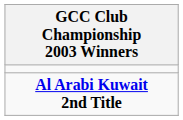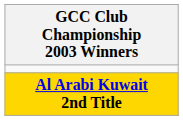 <table class="wikitable" style="text-align: center; margin: 0 auto; width: 20%">
 <tr>
 <th>GCC Club Championship <br>2003 Winners</th>
 </tr>
 <tr>
 <td></td>
 </tr>
 <tr>
-<td><strong><a href='#'>Al Arabi Kuwait</a></strong><br><strong>2nd Title</strong></td>
+<td style="background: gold;"><strong><a href='#'>Al Arabi Kuwait</a></strong><br><strong>2nd Title</strong></td>
 </tr>
 </table>
